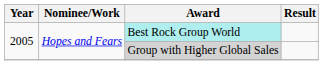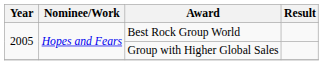 <table class="wikitable">
 <tr>
 <th width="40">Year</th>
 <th>Nominee/Work</th>
 <th>Award</th>
 <th>Result</th>
 </tr>
 <tr>
 <td align="center" rowspan="2">2005</td>
 <td rowspan="2"><em><a href='#'>Hopes and Fears</a></em></td>
-<td style="background: paleturquoise;">Best Rock Group World</td>
+<td>Best Rock Group World</td>
 <td></td>
 </tr>
 <tr>
-<td style="background: lightgrey;">Group with Higher Global Sales</td>
+<td>Group with Higher Global Sales</td>
 <td></td>
 </tr>
 <tr>
 </tr>
 </table>
